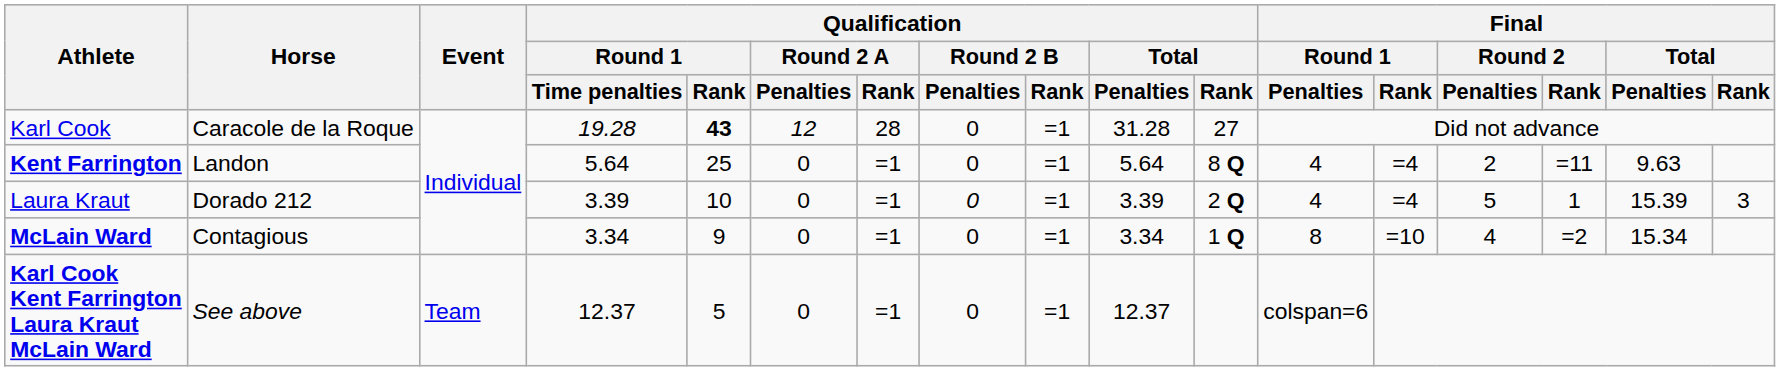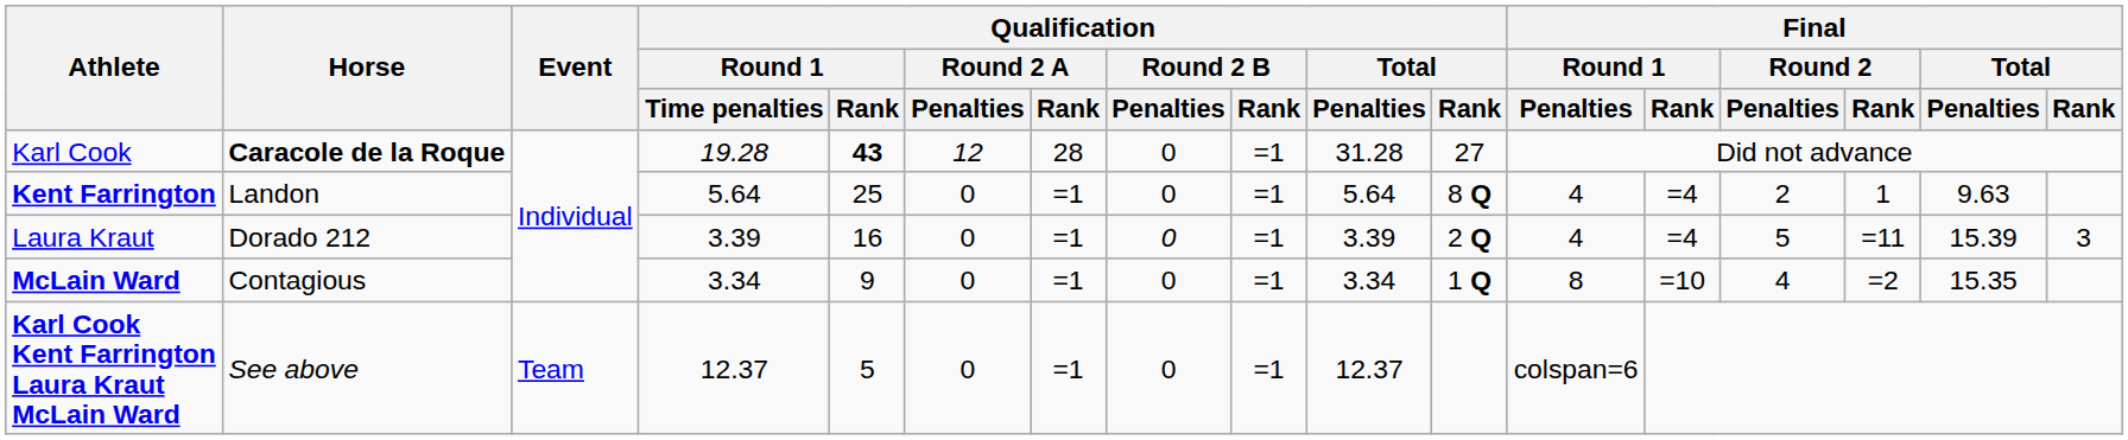 <table class=wikitable style=font-size:90%;text-align:center>
 <tr>
 <th rowspan=3>Athlete</th>
 <th rowspan=3>Horse</th>
 <th rowspan=3>Event</th>
 <th colspan=8>Qualification</th>
 <th colspan=6>Final</th>
 </tr>
 <tr style=font-size:95%>
 <th colspan=2>Round 1</th>
 <th colspan=2>Round 2 A</th>
 <th colspan=2>Round 2 B</th>
 <th colspan=2>Total</th>
 <th colspan=2>Round 1</th>
 <th colspan=2>Round 2</th>
 <th colspan=2>Total</th>
 </tr>
 <tr style=font-size:95%>
 <th>Time penalties</th>
 <th>Rank</th>
 <th>Penalties</th>
 <th>Rank</th>
 <th>Penalties</th>
 <th>Rank</th>
 <th>Penalties</th>
 <th>Rank</th>
 <th>Penalties</th>
 <th>Rank</th>
 <th>Penalties</th>
 <th>Rank</th>
 <th>Penalties</th>
 <th>Rank</th>
 </tr>
 <tr>
 <td align=left><a href='#'>Karl Cook</a></td>
-<td align=left>Caracole de la Roque</td>
+<td align=left><strong>Caracole de la Roque</strong></td>
 <td align=left rowspan=4><a href='#'>Individual</a></td>
 <td><em>19.28</em></td>
 <td><strong>43</strong></td>
 <td><em>12</em></td>
 <td>28</td>
 <td>0</td>
 <td>=1</td>
 <td>31.28</td>
 <td>27</td>
 <td colspan=6>Did not advance</td>
 </tr>
 <tr>
 <td align=left><strong><a href='#'>Kent Farrington</a></strong></td>
 <td align=left>Landon</td>
 <td>5.64</td>
 <td>25</td>
 <td>0</td>
 <td>=1</td>
 <td>0</td>
 <td>=1</td>
 <td>5.64</td>
 <td>8 <strong>Q</strong></td>
 <td>4</td>
 <td>=4</td>
 <td>2</td>
-<td>=11</td>
+<td>1</td>
 <td>9.63</td>
 <td></td>
 </tr>
 <tr>
 <td align=left><a href='#'>Laura Kraut</a></td>
 <td align=left>Dorado 212</td>
 <td>3.39</td>
-<td>10</td>
+<td>16</td>
 <td>0</td>
 <td>=1</td>
 <td><em>0</em></td>
 <td>=1</td>
 <td>3.39</td>
 <td>2 <strong>Q</strong></td>
 <td>4</td>
 <td>=4</td>
 <td>5</td>
-<td>1</td>
+<td>=11</td>
 <td>15.39</td>
 <td>3</td>
 </tr>
 <tr>
 <td align=left><strong><a href='#'>McLain Ward</a></strong></td>
 <td align=left>Contagious</td>
 <td>3.34</td>
 <td>9</td>
 <td>0</td>
 <td>=1</td>
 <td>0</td>
 <td>=1</td>
 <td>3.34</td>
 <td>1 <strong>Q</strong></td>
 <td>8</td>
 <td>=10</td>
 <td>4</td>
 <td>=2</td>
-<td>15.34</td>
+<td>15.35</td>
 <td></td>
 </tr>
 <tr>
 <td align=left><strong><a href='#'>Karl Cook</a><br><a href='#'>Kent Farrington</a><br><a href='#'>Laura Kraut</a><br><a href='#'>McLain Ward</a></strong></td>
 <td align=left><em>See above</em></td>
 <td align=left><a href='#'>Team</a></td>
 <td>12.37</td>
 <td>5</td>
 <td>0</td>
 <td>=1</td>
 <td>0</td>
 <td>=1</td>
 <td>12.37</td>
 <td></td>
 <td>colspan=6 </td>
 </tr>
 </table>
